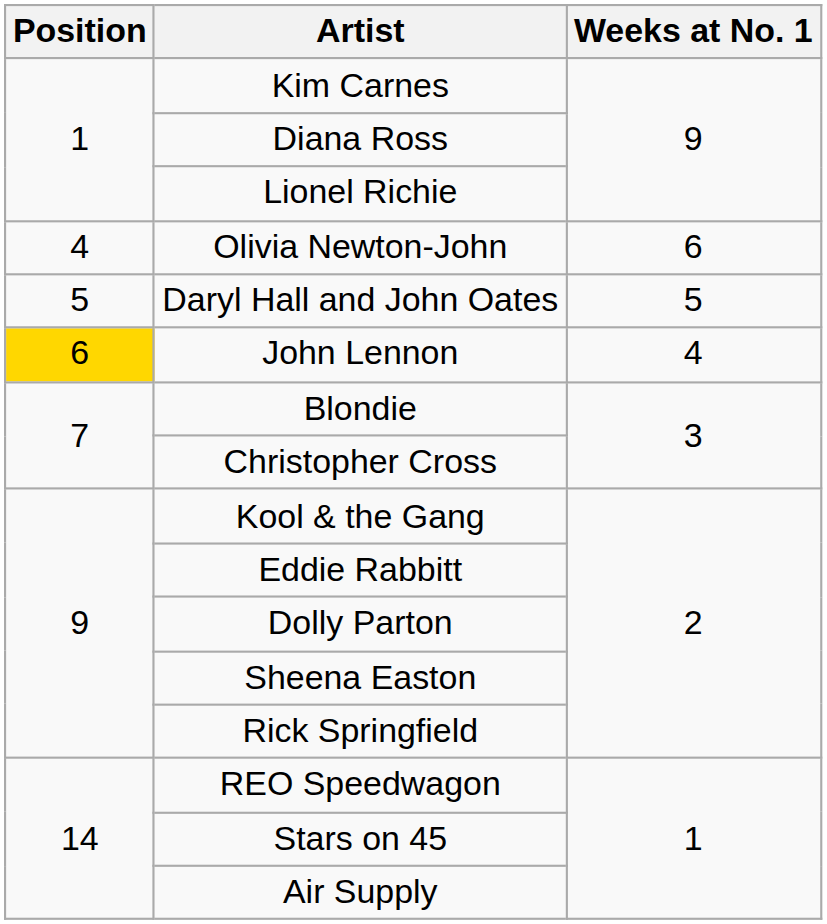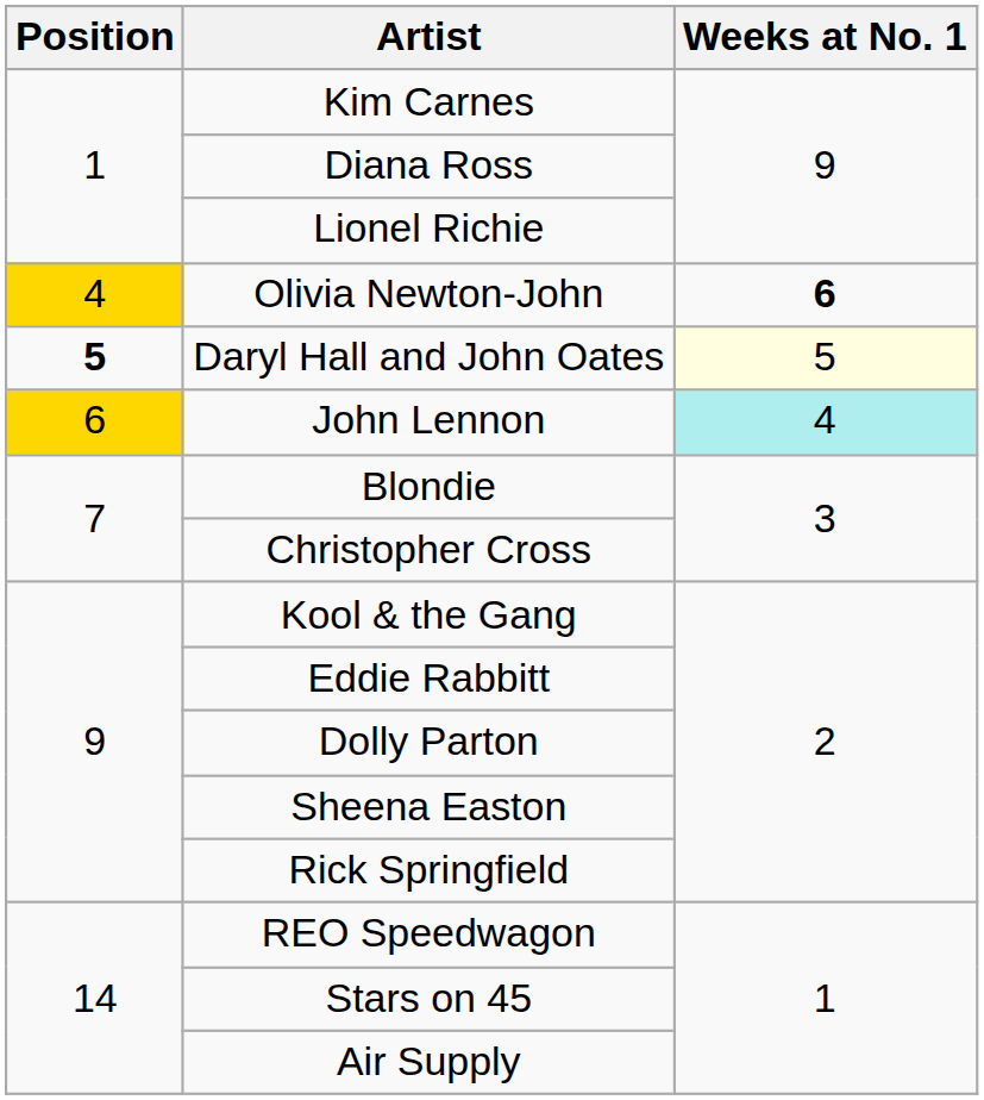 <table class="wikitable plainrowheaders" style="text-align:center;">
 <tr>
 <th>Position</th>
 <th>Artist</th>
 <th>Weeks at No. 1</th>
 </tr>
 <tr>
 <td rowspan=3>1</td>
 <td>Kim Carnes</td>
 <td rowspan=3>9</td>
 </tr>
 <tr>
 <td>Diana Ross</td>
 </tr>
 <tr>
 <td>Lionel Richie</td>
 </tr>
 <tr>
-<td>4</td>
+<td style="background: gold;">4</td>
 <td>Olivia Newton-John</td>
-<td>6</td>
+<td><strong>6</strong></td>
 </tr>
 <tr>
-<td>5</td>
+<td><strong>5</strong></td>
 <td>Daryl Hall and John Oates</td>
-<td>5</td>
+<td style="background: lightyellow;">5</td>
 </tr>
 <tr>
 <td style="background: gold;">6</td>
 <td>John Lennon</td>
-<td>4</td>
+<td style="background: paleturquoise;">4</td>
 </tr>
 <tr>
 <td rowspan=2>7</td>
 <td>Blondie</td>
 <td rowspan=2>3</td>
 </tr>
 <tr>
 <td>Christopher Cross</td>
 </tr>
 <tr>
 <td rowspan=5>9</td>
 <td>Kool & the Gang</td>
 <td rowspan=5>2</td>
 </tr>
 <tr>
 <td>Eddie Rabbitt</td>
 </tr>
 <tr>
 <td>Dolly Parton</td>
 </tr>
 <tr>
 <td>Sheena Easton</td>
 </tr>
 <tr>
 <td>Rick Springfield</td>
 </tr>
 <tr>
 <td rowspan=3>14</td>
 <td>REO Speedwagon</td>
 <td rowspan=3>1</td>
 </tr>
 <tr>
 <td>Stars on 45</td>
 </tr>
 <tr>
 <td>Air Supply</td>
 </tr>
 </table>
